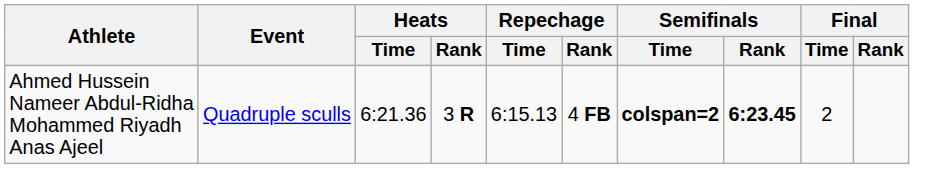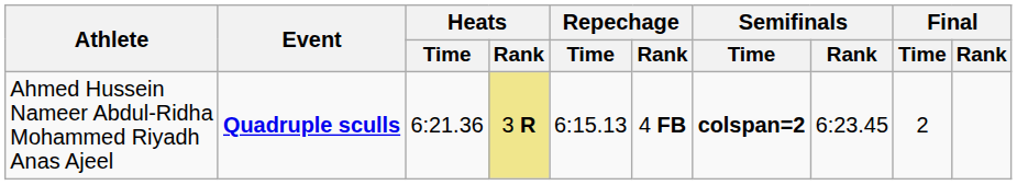 <table class="wikitable" style="font-size:90%">
 <tr>
 <th rowspan="2">Athlete</th>
 <th rowspan="2">Event</th>
 <th colspan="2">Heats</th>
 <th colspan="2">Repechage</th>
 <th colspan="2">Semifinals</th>
 <th colspan="2">Final</th>
 </tr>
 <tr style="font-size:95%">
 <th>Time</th>
 <th>Rank</th>
 <th>Time</th>
 <th>Rank</th>
 <th>Time</th>
 <th>Rank</th>
 <th>Time</th>
 <th>Rank</th>
 </tr>
 <tr align=center>
 <td align=left>Ahmed Hussein<br>Nameer Abdul-Ridha<br>Mohammed Riyadh<br>Anas Ajeel</td>
-<td align=left><a href='#'>Quadruple sculls</a></td>
+<td align=left><strong><a href='#'>Quadruple sculls</a></strong></td>
 <td>6:21.36</td>
-<td>3 <strong>R</strong></td>
+<td style="background: khaki;">3 <strong>R</strong></td>
 <td>6:15.13</td>
 <td>4 <strong>FB</strong></td>
 <td><strong>colspan=2 </strong></td>
-<td><strong>6:23.45</strong></td>
+<td>6:23.45</td>
 <td>2</td>
 </tr>
 </table>
